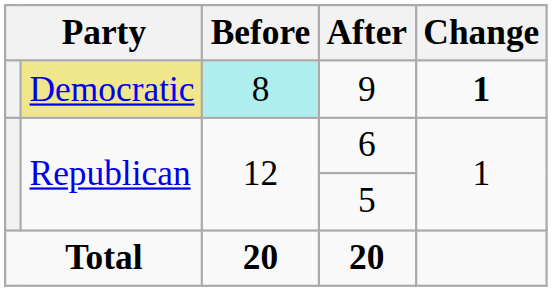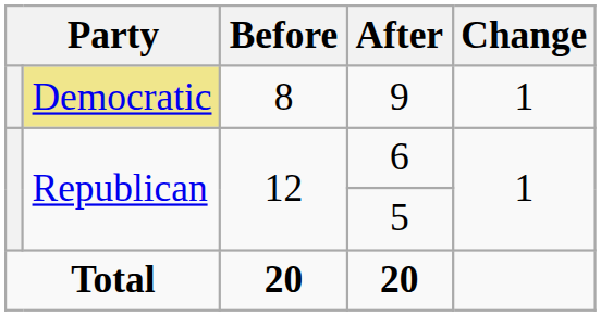 <table class="wikitable" style="text-align:center;">
 <tr>
 <th colspan="2">Party</th>
 <th>Before</th>
 <th>After</th>
 <th>Change</th>
 </tr>
 <tr>
 <th style="background-color:"></th>
 <td style="background: khaki; text-align:left;"><a href='#'>Democratic</a></td>
-<td style="background: paleturquoise;">8</td>
+<td>8</td>
 <td>9</td>
-<td><strong> 1</strong></td>
+<td> 1</td>
 </tr>
 <tr>
 <th rowspan="2" style="background-color:"></th>
 <td rowspan="2" style="text-align:left;"><a href='#'>Republican</a></td>
 <td rowspan="2" >12</td>
 <td>6</td>
 <td rowspan="2"> 1</td>
 </tr>
 <tr>
 <td>5</td>
 </tr>
 <tr>
 <td colspan="2"><strong>Total</strong></td>
 <td><strong>20</strong></td>
 <td><strong>20</strong></td>
 <td></td>
 </tr>
 </table>
